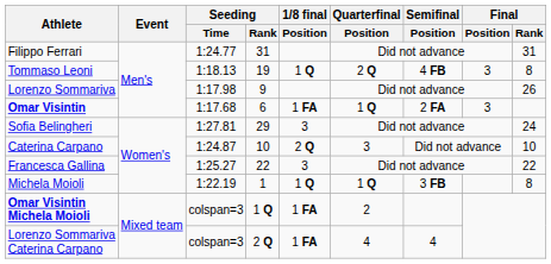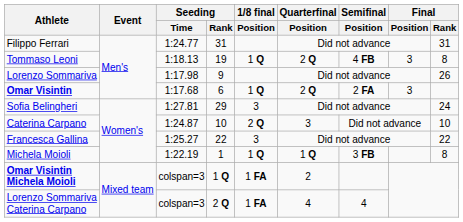 <table class=wikitable style="text-align:center; font-size:90%">
 <tr>
 <th rowspan=2>Athlete</th>
 <th rowspan=2>Event</th>
 <th colspan=2>Seeding</th>
 <th>1/8 final</th>
 <th>Quarterfinal</th>
 <th>Semifinal</th>
 <th colspan=2>Final</th>
 </tr>
 <tr style=font-size:95%>
 <th>Time</th>
 <th>Rank</th>
 <th>Position</th>
 <th>Position</th>
 <th>Position</th>
 <th>Position</th>
 <th>Rank</th>
 </tr>
 <tr>
 <td align=left>Filippo Ferrari</td>
 <td align=left rowspan=4><a href='#'>Men's</a></td>
 <td>1:24.77</td>
 <td>31</td>
 <td></td>
 <td colspan=3>Did not advance</td>
 <td>31</td>
 </tr>
 <tr>
 <td align=left><a href='#'>Tommaso Leoni</a></td>
 <td>1:18.13</td>
 <td>19</td>
 <td>1 <strong>Q</strong></td>
 <td>2 <strong>Q</strong></td>
 <td>4 <strong>FB</strong></td>
 <td>3</td>
 <td>8</td>
 </tr>
 <tr>
 <td align=left><a href='#'>Lorenzo Sommariva</a></td>
 <td>1:17.98</td>
 <td>9</td>
 <td></td>
 <td colspan=3>Did not advance</td>
 <td>26</td>
 </tr>
 <tr>
 <td align=left><strong><a href='#'>Omar Visintin</a></strong></td>
 <td>1:17.68</td>
 <td>6</td>
-<td>1 <strong>FA</strong></td>
 <td>1 <strong>Q</strong></td>
+<td>2 <strong>Q</strong></td>
 <td>2 <strong>FA</strong></td>
 <td>3</td>
 <td></td>
 </tr>
 <tr>
 <td align=left><a href='#'>Sofia Belingheri</a></td>
 <td align=left rowspan=4><a href='#'>Women's</a></td>
 <td>1:27.81</td>
 <td>29</td>
 <td>3</td>
 <td colspan=3>Did not advance</td>
 <td>24</td>
 </tr>
 <tr>
 <td align=left><a href='#'>Caterina Carpano</a></td>
 <td>1:24.87</td>
 <td>10</td>
 <td>2 <strong>Q</strong></td>
 <td>3</td>
 <td colspan=2>Did not advance</td>
 <td>10</td>
 </tr>
 <tr>
 <td align=left><a href='#'>Francesca Gallina</a></td>
 <td>1:25.27</td>
 <td>22</td>
 <td>3</td>
 <td colspan=3>Did not advance</td>
 <td>22</td>
 </tr>
 <tr>
 <td align=left><a href='#'>Michela Moioli</a></td>
 <td>1:22.19</td>
 <td>1</td>
 <td>1 <strong>Q</strong></td>
 <td>1 <strong>Q</strong></td>
 <td>3 <strong>FB</strong></td>
 <td></td>
 <td>8</td>
 </tr>
 <tr>
 <td align=left><strong><a href='#'>Omar Visintin</a><br><a href='#'>Michela Moioli</a></strong></td>
 <td align=left rowspan=2><a href='#'>Mixed team</a></td>
 <td>colspan=3 </td>
 <td>1 <strong>Q</strong></td>
 <td>1 <strong>FA</strong></td>
 <td>2</td>
 <td></td>
 </tr>
 <tr>
 <td align=left><a href='#'>Lorenzo Sommariva</a><br><a href='#'>Caterina Carpano</a></td>
 <td>colspan=3 </td>
 <td>2 <strong>Q</strong></td>
 <td>1 <strong>FA</strong></td>
 <td>4</td>
 <td>4</td>
 </tr>
 </table>
